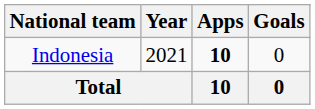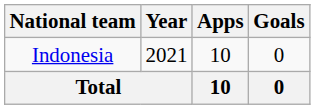 <table class="wikitable" style="text-align:center">
 <tr>
 <th>National team</th>
 <th>Year</th>
 <th>Apps</th>
 <th>Goals</th>
 </tr>
 <tr>
 <td><a href='#'>Indonesia</a></td>
 <td>2021</td>
-<td><strong>10</strong></td>
+<td>10</td>
 <td>0</td>
 </tr>
 <tr>
 <th colspan=2>Total</th>
 <th>10</th>
 <th>0</th>
 </tr>
 </table>
